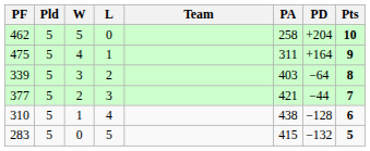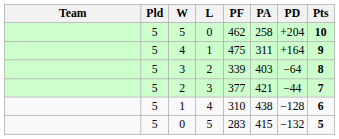 <table class=wikitable style="text-align:center">
 <tr>
-<th width=30>PF</th>
+<th width=180>Team</th>
 <th width=30>Pld</th>
 <th width=30>W</th>
 <th width=30>L</th>
-<th width=180>Team</th>
+<th width=30>PF</th>
 <th width=30>PA</th>
 <th width=30>PD</th>
 <th width=30>Pts</th>
 </tr>
 <tr bgcolor="#ccffcc">
-<td>462</td>
+<td align=left></td>
 <td>5</td>
 <td>5</td>
 <td>0</td>
-<td align=left></td>
+<td>462</td>
 <td>258</td>
 <td>+204</td>
 <td><strong>10</strong></td>
 </tr>
 <tr bgcolor="#ccffcc">
-<td>475</td>
+<td align=left></td>
 <td>5</td>
 <td>4</td>
 <td>1</td>
-<td align=left></td>
+<td>475</td>
 <td>311</td>
 <td>+164</td>
 <td><strong>9</strong></td>
 </tr>
 <tr bgcolor="#ccffcc">
-<td>339</td>
+<td align=left></td>
 <td>5</td>
 <td>3</td>
 <td>2</td>
-<td align=left></td>
+<td>339</td>
 <td>403</td>
 <td>−64</td>
 <td><strong>8</strong></td>
 </tr>
 <tr bgcolor="#ccffcc">
-<td>377</td>
+<td align=left></td>
 <td>5</td>
 <td>2</td>
 <td>3</td>
-<td align=left></td>
+<td>377</td>
 <td>421</td>
 <td>−44</td>
 <td><strong>7</strong></td>
 </tr>
 <tr>
-<td>310</td>
+<td align=left></td>
 <td>5</td>
 <td>1</td>
 <td>4</td>
-<td align=left></td>
+<td>310</td>
 <td>438</td>
 <td>−128</td>
 <td><strong>6</strong></td>
 </tr>
 <tr>
-<td>283</td>
+<td align=left></td>
 <td>5</td>
 <td>0</td>
 <td>5</td>
-<td align=left></td>
+<td>283</td>
 <td>415</td>
 <td>−132</td>
 <td><strong>5</strong></td>
 </tr>
 </table>
